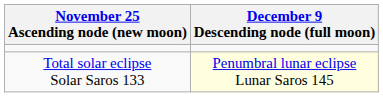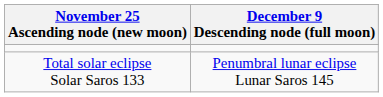 <table class="wikitable">
 <tr>
 <th><a href='#'>November 25</a><br>Ascending node (new moon)<br></th>
 <th><a href='#'>December 9</a><br>Descending node (full moon)<br></th>
 </tr>
 <tr>
 <td></td>
 <td></td>
 </tr>
 <tr align=center>
 <td><a href='#'>Total solar eclipse</a><br>Solar Saros 133</td>
-<td style="background: lightyellow;"><a href='#'>Penumbral lunar eclipse</a><br>Lunar Saros 145</td>
+<td><a href='#'>Penumbral lunar eclipse</a><br>Lunar Saros 145</td>
 </tr>
 </table>
